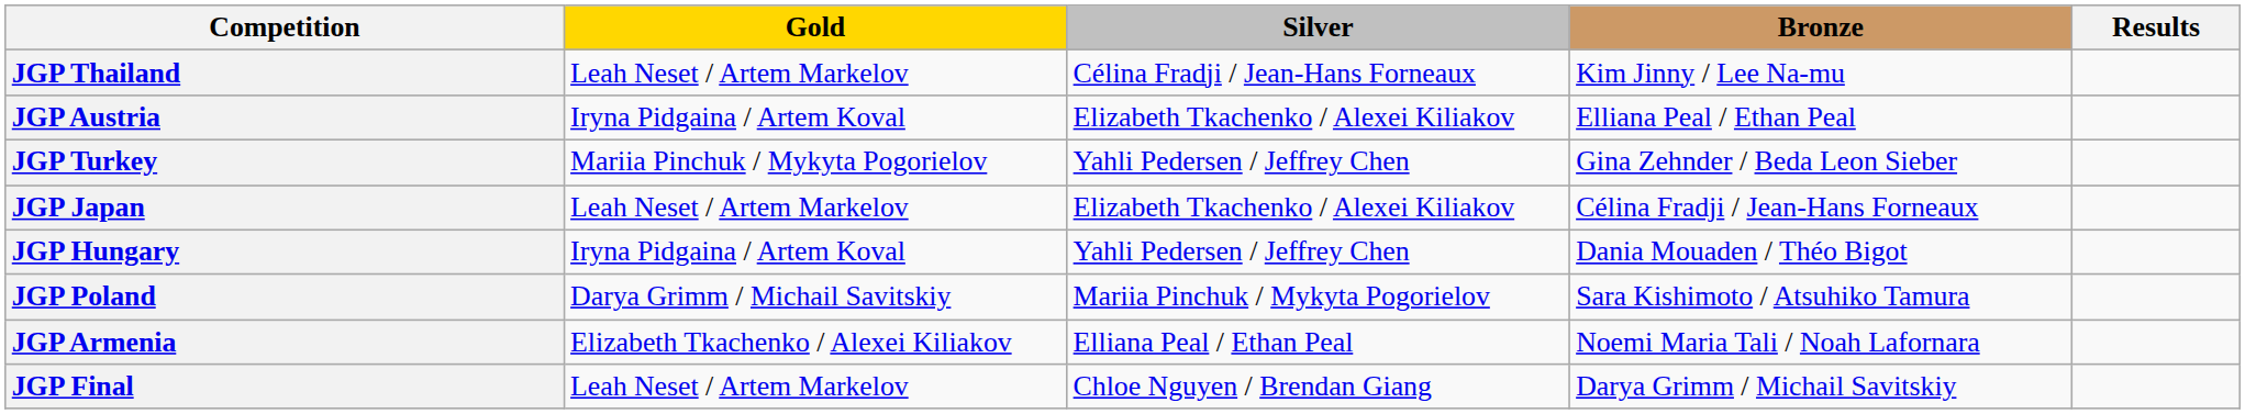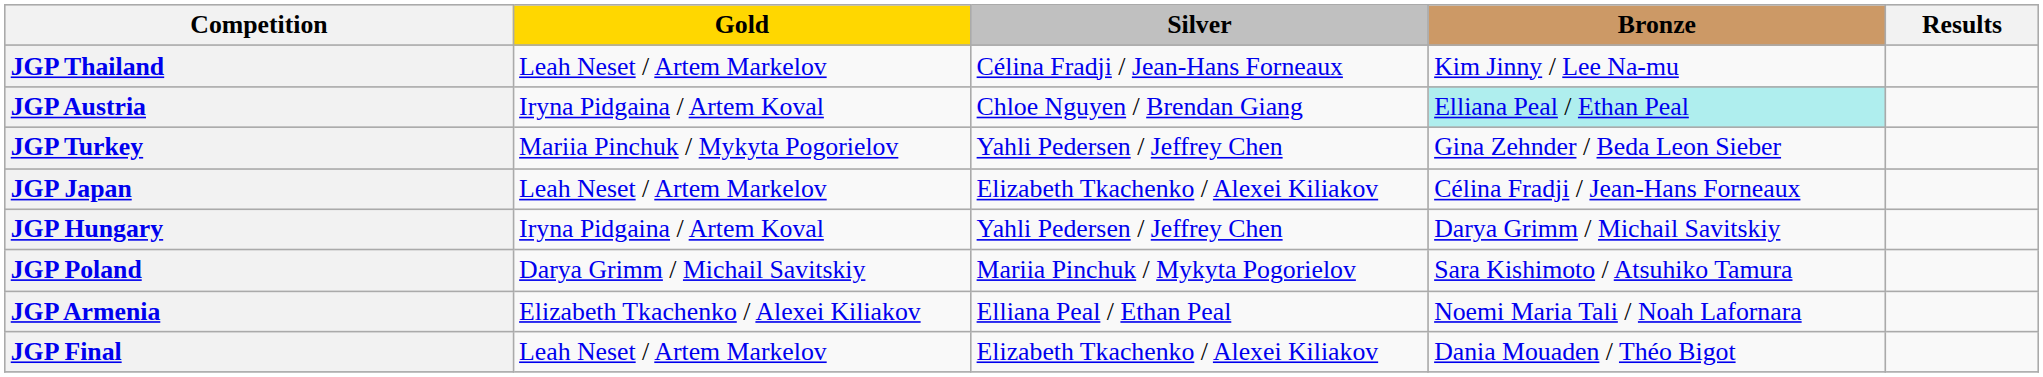 <table class="wikitable unsortable" style="text-align:left; width:100%;">
 <tr>
 <th scope="col" style="text-align:center; width:25%;">Competition</th>
 <td scope="col" style="text-align:center; width:22.5%; background:gold"><strong>Gold</strong></td>
 <td scope="col" style="text-align:center; width:22.5%; background:silver"><strong>Silver</strong></td>
 <td scope="col" style="text-align:center; width:22.5%; background:#c96"><strong>Bronze</strong></td>
 <th scope="col" style="text-align:center; width:7.5%;">Results</th>
 </tr>
 <tr>
 <th scope="row" style="text-align:left">  <a href='#'>JGP Thailand</a></th>
 <td> <a href='#'>Leah Neset</a> / <a href='#'>Artem Markelov</a></td>
 <td> <a href='#'>Célina Fradji</a> / <a href='#'>Jean-Hans Forneaux</a></td>
 <td> <a href='#'>Kim Jinny</a> / <a href='#'>Lee Na-mu</a></td>
 <td></td>
 </tr>
 <tr>
 <th scope="row" style="text-align:left"> <a href='#'>JGP Austria</a></th>
 <td> <a href='#'>Iryna Pidgaina</a> / <a href='#'>Artem Koval</a></td>
-<td> <a href='#'>Elizabeth Tkachenko</a> / <a href='#'>Alexei Kiliakov</a></td>
-<td> <a href='#'>Elliana Peal</a> / <a href='#'>Ethan Peal</a></td>
+<td> <a href='#'>Chloe Nguyen</a> / <a href='#'>Brendan Giang</a></td>
+<td style="background: paleturquoise;"> <a href='#'>Elliana Peal</a> / <a href='#'>Ethan Peal</a></td>
 <td></td>
 </tr>
 <tr>
 <th scope="row" style="text-align:left"> <a href='#'>JGP Turkey</a></th>
 <td> <a href='#'>Mariia Pinchuk</a> / <a href='#'>Mykyta Pogorielov</a></td>
 <td> <a href='#'>Yahli Pedersen</a> / <a href='#'>Jeffrey Chen</a></td>
 <td> <a href='#'>Gina Zehnder</a> / <a href='#'>Beda Leon Sieber</a></td>
 <td></td>
 </tr>
 <tr>
 <th scope="row" style="text-align:left"> <a href='#'>JGP Japan</a></th>
 <td> <a href='#'>Leah Neset</a> / <a href='#'>Artem Markelov</a></td>
 <td> <a href='#'>Elizabeth Tkachenko</a> / <a href='#'>Alexei Kiliakov</a></td>
 <td> <a href='#'>Célina Fradji</a> / <a href='#'>Jean-Hans Forneaux</a></td>
 <td></td>
 </tr>
 <tr>
 <th scope="row" style="text-align:left"> <a href='#'>JGP Hungary</a></th>
 <td> <a href='#'>Iryna Pidgaina</a> / <a href='#'>Artem Koval</a></td>
 <td> <a href='#'>Yahli Pedersen</a> / <a href='#'>Jeffrey Chen</a></td>
-<td> <a href='#'>Dania Mouaden</a> / <a href='#'>Théo Bigot</a></td>
+<td> <a href='#'>Darya Grimm</a> / <a href='#'>Michail Savitskiy</a></td>
 <td></td>
 </tr>
 <tr>
 <th scope="row" style="text-align:left"> <a href='#'>JGP Poland</a></th>
 <td> <a href='#'>Darya Grimm</a> / <a href='#'>Michail Savitskiy</a></td>
 <td> <a href='#'>Mariia Pinchuk</a> / <a href='#'>Mykyta Pogorielov</a></td>
 <td> <a href='#'>Sara Kishimoto</a> / <a href='#'>Atsuhiko Tamura</a></td>
 <td></td>
 </tr>
 <tr>
 <th scope="row" style="text-align:left"> <a href='#'>JGP Armenia</a></th>
 <td> <a href='#'>Elizabeth Tkachenko</a> / <a href='#'>Alexei Kiliakov</a></td>
 <td> <a href='#'>Elliana Peal</a> / <a href='#'>Ethan Peal</a></td>
 <td> <a href='#'>Noemi Maria Tali</a> / <a href='#'>Noah Lafornara</a></td>
 <td></td>
 </tr>
 <tr>
 <th scope="row" style="text-align:left"> <a href='#'>JGP Final</a></th>
 <td> <a href='#'>Leah Neset</a> / <a href='#'>Artem Markelov</a></td>
-<td> <a href='#'>Chloe Nguyen</a> / <a href='#'>Brendan Giang</a></td>
-<td> <a href='#'>Darya Grimm</a> / <a href='#'>Michail Savitskiy</a></td>
+<td> <a href='#'>Elizabeth Tkachenko</a> / <a href='#'>Alexei Kiliakov</a></td>
+<td> <a href='#'>Dania Mouaden</a> / <a href='#'>Théo Bigot</a></td>
 <td><br></td>
 </tr>
 </table>
